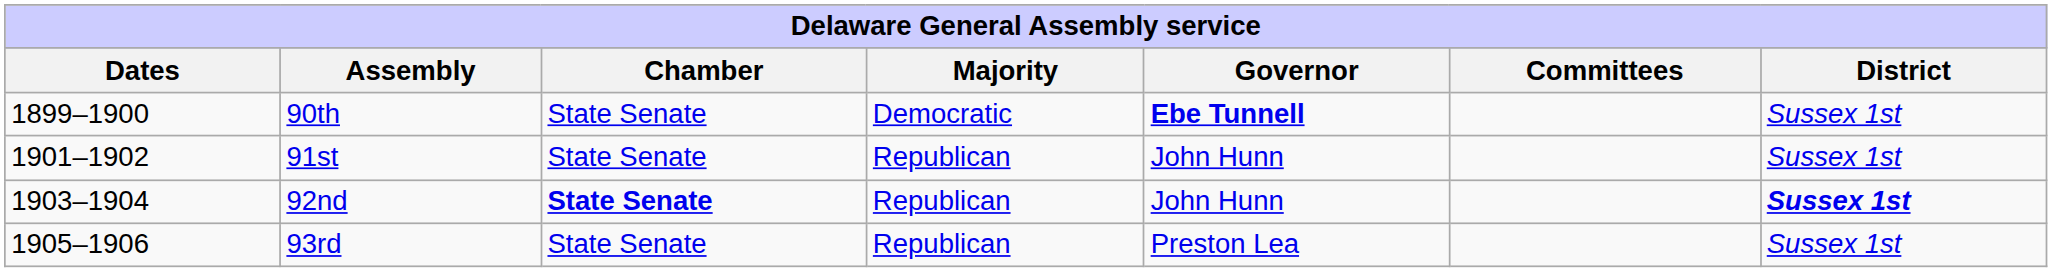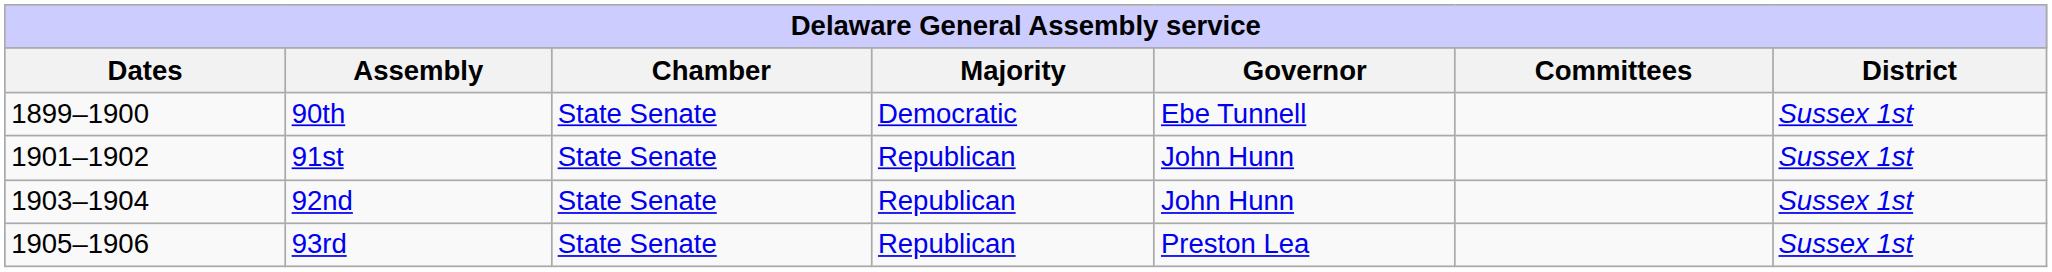 <table class=wikitable style="width: 94%" style="text-align: center;" align="center">
 <tr bgcolor=#cccccc>
 <th colspan=7 style="background: #ccccff;">Delaware General Assembly service</th>
 </tr>
 <tr>
 <th><strong>Dates</strong></th>
 <th><strong>Assembly</strong></th>
 <th><strong>Chamber</strong></th>
 <th><strong>Majority</strong></th>
 <th><strong>Governor</strong></th>
 <th><strong>Committees</strong></th>
 <th><strong>District</strong></th>
 </tr>
 <tr>
 <td>1899–1900</td>
 <td><a href='#'>90th</a></td>
 <td><a href='#'>State Senate</a></td>
 <td><a href='#'>Democratic</a></td>
-<td><strong><a href='#'>Ebe Tunnell</a></strong></td>
+<td><a href='#'>Ebe Tunnell</a></td>
 <td></td>
 <td><a href='#'><em>Sussex 1st</em></a></td>
 </tr>
 <tr>
 <td>1901–1902</td>
 <td><a href='#'>91st</a></td>
 <td><a href='#'>State Senate</a></td>
 <td><a href='#'>Republican</a></td>
 <td><a href='#'>John Hunn</a></td>
 <td></td>
 <td><a href='#'><em>Sussex 1st</em></a></td>
 </tr>
 <tr>
 <td>1903–1904</td>
 <td><a href='#'>92nd</a></td>
-<td><strong><a href='#'>State Senate</a></strong></td>
+<td><a href='#'>State Senate</a></td>
 <td><a href='#'>Republican</a></td>
 <td><a href='#'>John Hunn</a></td>
 <td></td>
-<td><strong><a href='#'><em>Sussex 1st</em></a></strong></td>
+<td><a href='#'><em>Sussex 1st</em></a></td>
 </tr>
 <tr>
 <td>1905–1906</td>
 <td><a href='#'>93rd</a></td>
 <td><a href='#'>State Senate</a></td>
 <td><a href='#'>Republican</a></td>
 <td><a href='#'>Preston Lea</a></td>
 <td></td>
 <td><a href='#'><em>Sussex 1st</em></a></td>
 </tr>
 </table>
